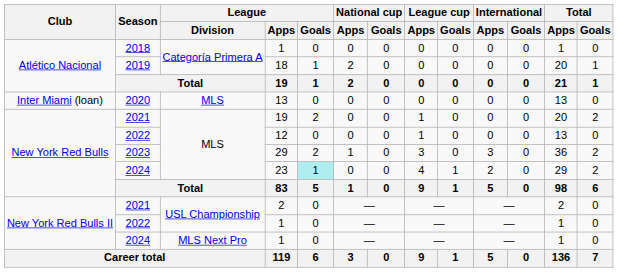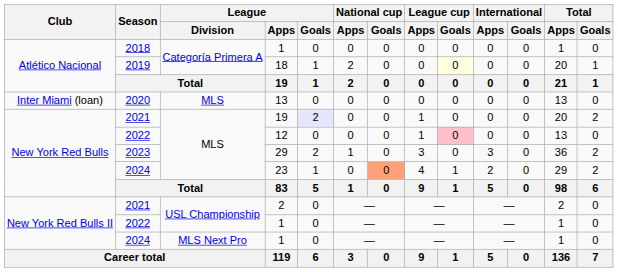 <table class="wikitable" style="text-align:center">
 <tr>
 <th rowspan="2">Club</th>
 <th rowspan="2">Season</th>
 <th colspan="3">League</th>
 <th colspan="2">National cup</th>
 <th colspan="2">League cup</th>
 <th colspan="2">International</th>
 <th colspan="2">Total</th>
 </tr>
 <tr>
 <th>Division</th>
 <th>Apps</th>
 <th>Goals</th>
 <th>Apps</th>
 <th>Goals</th>
 <th>Apps</th>
 <th>Goals</th>
 <th>Apps</th>
 <th>Goals</th>
 <th>Apps</th>
 <th>Goals</th>
 </tr>
 <tr>
 <td rowspan="3"><a href='#'>Atlético Nacional</a></td>
 <td><a href='#'>2018</a></td>
 <td rowspan="2"><a href='#'>Categoría Primera A</a></td>
 <td>1</td>
 <td>0</td>
 <td>0</td>
 <td>0</td>
 <td>0</td>
 <td>0</td>
 <td>0</td>
 <td>0</td>
 <td>1</td>
 <td>0</td>
 </tr>
 <tr>
 <td><a href='#'>2019</a></td>
 <td>18</td>
 <td>1</td>
 <td>2</td>
 <td>0</td>
 <td>0</td>
-<td>0</td>
+<td style="background: lightyellow;">0</td>
 <td>0</td>
 <td>0</td>
 <td>20</td>
 <td>1</td>
 </tr>
 <tr>
 <th colspan="2">Total</th>
 <th>19</th>
 <th>1</th>
 <th>2</th>
 <th>0</th>
 <th>0</th>
 <th>0</th>
 <th>0</th>
 <th>0</th>
 <th>21</th>
 <th>1</th>
 </tr>
 <tr>
 <td><a href='#'>Inter Miami</a> (loan)</td>
 <td><a href='#'>2020</a></td>
 <td><a href='#'>MLS</a></td>
 <td>13</td>
 <td>0</td>
 <td>0</td>
 <td>0</td>
 <td>0</td>
 <td>0</td>
 <td>0</td>
 <td>0</td>
 <td>13</td>
 <td>0</td>
 </tr>
 <tr>
 <td rowspan="5"><a href='#'>New York Red Bulls</a></td>
 <td><a href='#'>2021</a></td>
 <td rowspan="4">MLS</td>
 <td>19</td>
-<td>2</td>
+<td style="background: lavender;">2</td>
 <td>0</td>
 <td>0</td>
 <td>1</td>
 <td>0</td>
 <td>0</td>
 <td>0</td>
 <td>20</td>
 <td>2</td>
 </tr>
 <tr>
 <td><a href='#'>2022</a></td>
 <td>12</td>
 <td>0</td>
 <td>0</td>
 <td>0</td>
 <td>1</td>
-<td>0</td>
+<td style="background: pink;">0</td>
 <td>0</td>
 <td>0</td>
 <td>13</td>
 <td>0</td>
 </tr>
 <tr>
 <td><a href='#'>2023</a></td>
 <td>29</td>
 <td>2</td>
 <td>1</td>
 <td>0</td>
 <td>3</td>
 <td>0</td>
 <td>3</td>
 <td>0</td>
 <td>36</td>
 <td>2</td>
 </tr>
 <tr>
 <td><a href='#'>2024</a></td>
 <td>23</td>
-<td style="background: paleturquoise;">1</td>
+<td>1</td>
 <td>0</td>
-<td>0</td>
+<td style="background: lightsalmon;">0</td>
 <td>4</td>
 <td>1</td>
 <td>2</td>
 <td>0</td>
 <td>29</td>
 <td>2</td>
 </tr>
 <tr>
 <th colspan="2">Total</th>
 <th>83</th>
 <th>5</th>
 <th>1</th>
 <th>0</th>
 <th>9</th>
 <th>1</th>
 <th>5</th>
 <th>0</th>
 <th>98</th>
 <th>6</th>
 </tr>
 <tr>
 <td rowspan="3"><a href='#'>New York Red Bulls II</a></td>
 <td><a href='#'>2021</a></td>
 <td rowspan="2"><a href='#'>USL Championship</a></td>
 <td>2</td>
 <td>0</td>
 <td colspan="2">—</td>
 <td colspan="2">—</td>
 <td colspan="2">—</td>
 <td>2</td>
 <td>0</td>
 </tr>
 <tr>
 <td><a href='#'>2022</a></td>
 <td>1</td>
 <td>0</td>
 <td colspan="2">—</td>
 <td colspan="2">—</td>
 <td colspan="2">—</td>
 <td>1</td>
 <td>0</td>
 </tr>
 <tr>
 <td><a href='#'>2024</a></td>
 <td><a href='#'>MLS Next Pro</a></td>
 <td>1</td>
 <td>0</td>
 <td colspan="2">—</td>
 <td colspan="2">—</td>
 <td colspan="2">—</td>
 <td>1</td>
 <td>0</td>
 </tr>
 <tr>
 <th colspan="3">Career total</th>
 <th>119</th>
 <th>6</th>
 <th>3</th>
 <th>0</th>
 <th>9</th>
 <th>1</th>
 <th>5</th>
 <th>0</th>
 <th>136</th>
 <th>7</th>
 </tr>
 </table>
